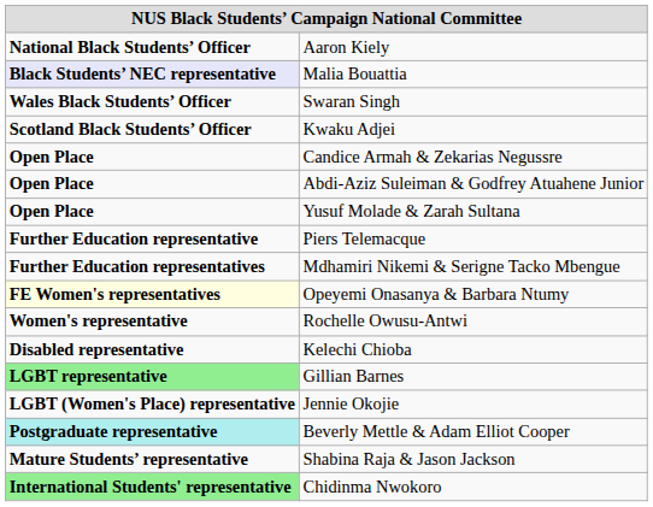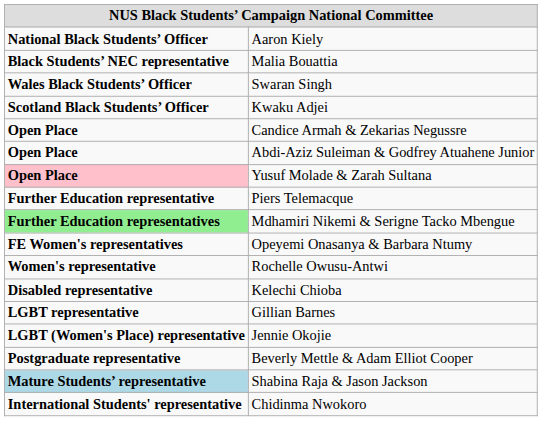 <table class="wikitable">
 <tr style="background:#ddd;">
 <td colspan="4" style="text-align:center;"><strong>NUS Black Students’ Campaign National Committee</strong></td>
 </tr>
 <tr>
 <td><strong>National Black Students’ Officer</strong></td>
 <td>Aaron Kiely</td>
 </tr>
 <tr>
-<td style="background: lavender;"><strong>Black Students’ NEC representative</strong></td>
+<td><strong>Black Students’ NEC representative</strong></td>
 <td>Malia Bouattia</td>
 </tr>
 <tr>
 <td><strong>Wales Black Students’ Officer</strong></td>
 <td>Swaran Singh</td>
 </tr>
 <tr>
 <td><strong>Scotland Black Students’ Officer</strong></td>
 <td>Kwaku Adjei</td>
 </tr>
 <tr>
 <td><strong>Open Place</strong></td>
 <td>Candice Armah & Zekarias Negussre</td>
 </tr>
 <tr>
 <td><strong>Open Place</strong></td>
 <td>Abdi-Aziz Suleiman & Godfrey Atuahene Junior</td>
 </tr>
 <tr>
-<td><strong>Open Place</strong></td>
+<td style="background: pink;"><strong>Open Place</strong></td>
 <td>Yusuf Molade & Zarah Sultana</td>
 </tr>
 <tr>
 <td><strong>Further Education representative</strong></td>
 <td>Piers Telemacque</td>
 </tr>
 <tr>
-<td><strong>Further Education representatives</strong></td>
+<td style="background: lightgreen;"><strong>Further Education representatives</strong></td>
 <td>Mdhamiri Nikemi & Serigne Tacko Mbengue</td>
 </tr>
 <tr>
-<td style="background: lightyellow;"><strong>FE Women's representatives</strong></td>
+<td><strong>FE Women's representatives</strong></td>
 <td>Opeyemi Onasanya & Barbara Ntumy</td>
 </tr>
 <tr>
 <td><strong>Women's representative</strong></td>
 <td>Rochelle Owusu-Antwi</td>
 </tr>
 <tr>
 <td><strong>Disabled representative</strong></td>
 <td>Kelechi Chioba</td>
 </tr>
 <tr>
-<td style="background: lightgreen;"><strong>LGBT representative</strong></td>
+<td><strong>LGBT representative</strong></td>
 <td>Gillian Barnes</td>
 </tr>
 <tr>
 <td><strong>LGBT (Women's Place) representative</strong></td>
 <td>Jennie Okojie</td>
 </tr>
 <tr>
-<td style="background: paleturquoise;"><strong>Postgraduate representative</strong></td>
+<td><strong>Postgraduate representative</strong></td>
 <td>Beverly Mettle & Adam Elliot Cooper</td>
 </tr>
 <tr>
-<td><strong>Mature Students’ representative</strong></td>
+<td style="background: lightblue;"><strong>Mature Students’ representative</strong></td>
 <td>Shabina Raja & Jason Jackson</td>
 </tr>
 <tr>
-<td style="background: lightgreen;"><strong>International Students' representative</strong></td>
+<td><strong>International Students' representative</strong></td>
 <td>Chidinma Nwokoro</td>
 </tr>
 </table>
